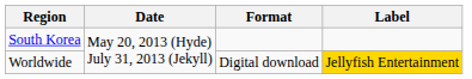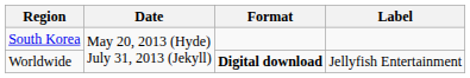 <table class = "wikitable">
 <tr>
 <th>Region</th>
 <th>Date</th>
 <th>Format</th>
 <th>Label</th>
 </tr>
 <tr>
 <td><a href='#'>South Korea</a></td>
 <td rowspan=2>May 20, 2013 (Hyde)<br>July 31, 2013 (Jekyll)</td>
 <td></td>
 <td></td>
 </tr>
 <tr>
 <td>Worldwide</td>
-<td>Digital download</td>
-<td style="background: gold;">Jellyfish Entertainment</td>
+<td><strong>Digital download</strong></td>
+<td>Jellyfish Entertainment</td>
 </tr>
 </table>
